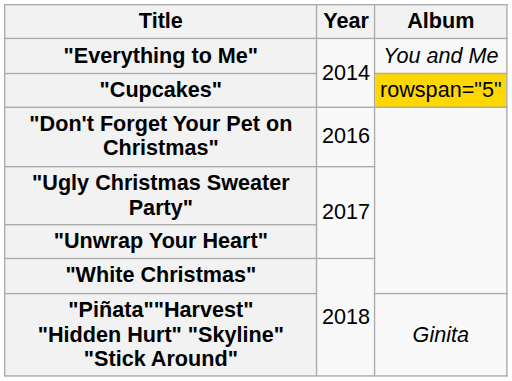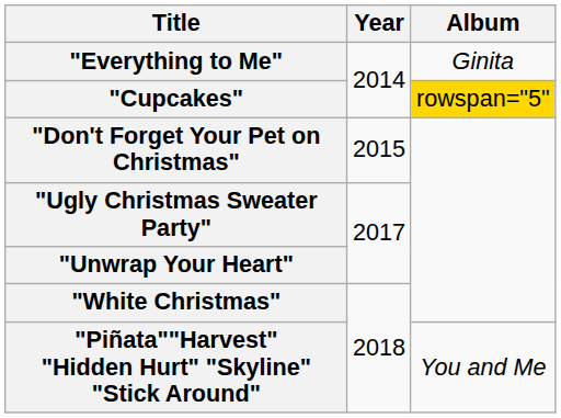 <table class="wikitable plainrowheaders" style="text-align:center;">
 <tr>
 <th scope="col" style="width:14em;">Title<br></th>
 <th scope="col">Year</th>
 <th scope="col">Album</th>
 </tr>
 <tr>
 <th scope="row">"Everything to Me"</th>
 <td rowspan="2">2014</td>
-<td><em>You and Me</em></td>
+<td><em>Ginita</em></td>
 </tr>
 <tr>
 <th scope="row">"Cupcakes"</th>
 <td style="background: gold;">rowspan="5" </td>
 </tr>
 <tr>
 <th scope="row">"Don't Forget Your Pet on Christmas"</th>
-<td>2016</td>
+<td>2015</td>
 </tr>
 <tr>
 <th scope="row">"Ugly Christmas Sweater Party"</th>
 <td rowspan="2">2017</td>
 </tr>
 <tr>
 <th scope="row">"Unwrap Your Heart"</th>
 </tr>
 <tr>
 <th scope="row">"White Christmas"</th>
 <td rowspan="3">2018</td>
 </tr>
 <tr>
 <th><strong>"Piñata"</strong>"Harvest"<br>"Hidden Hurt" "Skyline" "Stick Around"</th>
-<td><em>Ginita</em></td>
+<td><em>You and Me</em></td>
 </tr>
 </table>
